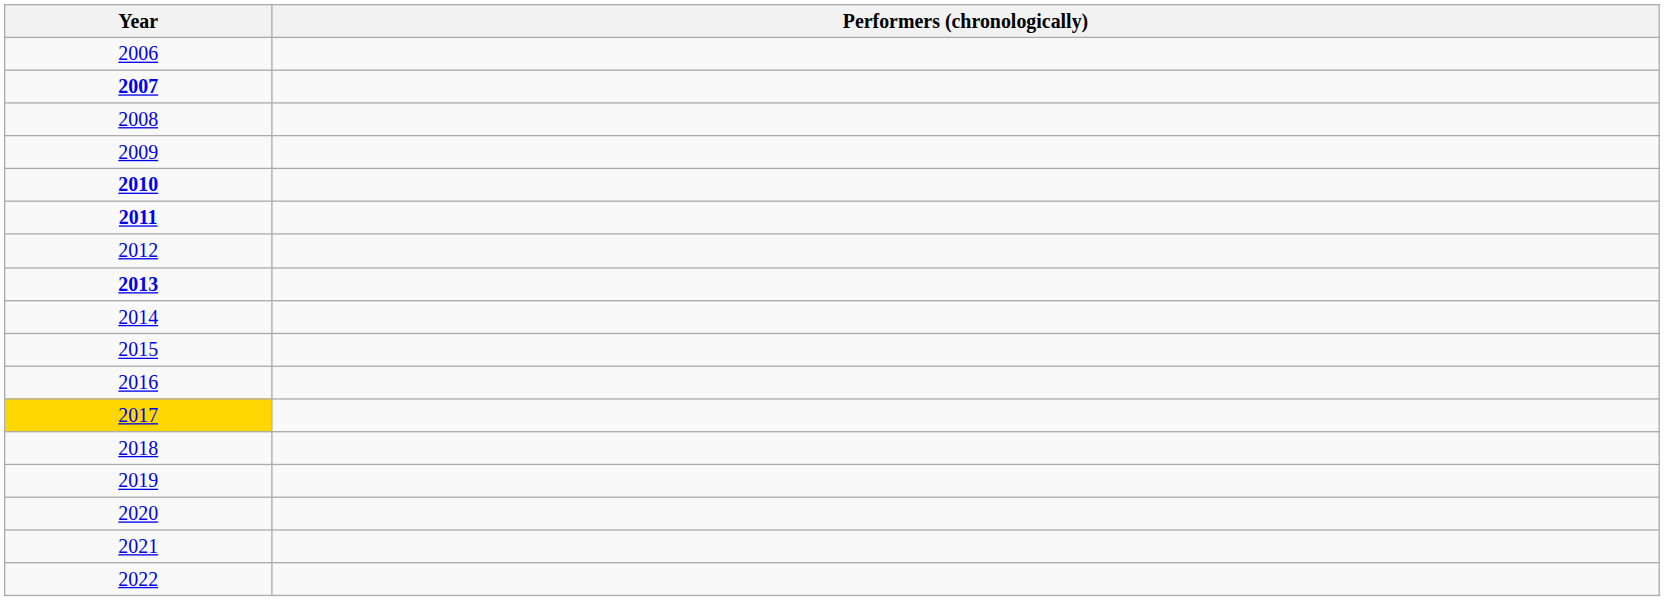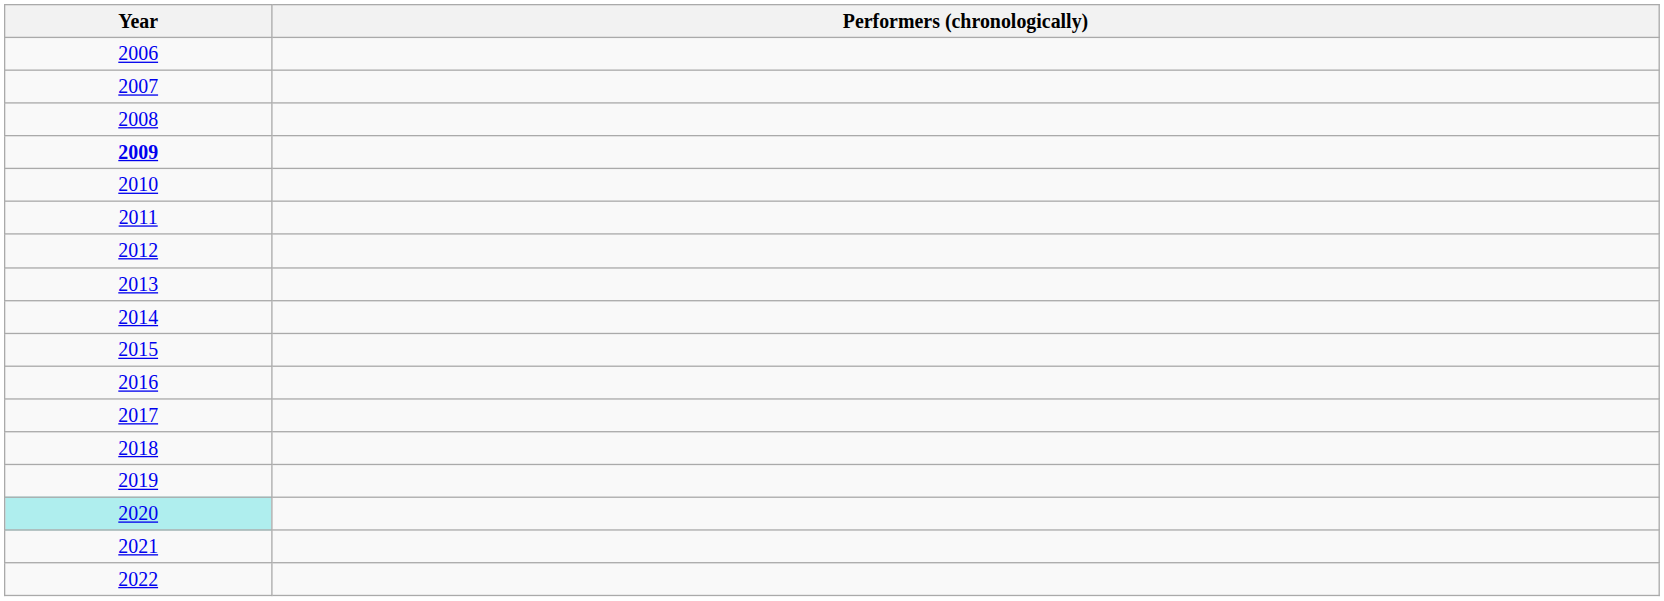 <table class="wikitable sortable" style="font-size:95%; width:100%">
 <tr>
 <th>Year</th>
 <th>Performers (chronologically)</th>
 </tr>
 <tr>
 <td align="center"><a href='#'>2006</a></td>
 <td></td>
 </tr>
 <tr>
-<td align="center"><strong><a href='#'>2007</a></strong></td>
+<td align="center"><a href='#'>2007</a></td>
 <td></td>
 </tr>
 <tr>
 <td align="center"><a href='#'>2008</a></td>
 <td></td>
 </tr>
 <tr>
-<td align="center"><a href='#'>2009</a></td>
+<td align="center"><strong><a href='#'>2009</a></strong></td>
 <td></td>
 </tr>
 <tr>
-<td align="center"><strong><a href='#'>2010</a></strong></td>
+<td align="center"><a href='#'>2010</a></td>
 <td></td>
 </tr>
 <tr>
-<td align="center"><strong><a href='#'>2011</a></strong></td>
+<td align="center"><a href='#'>2011</a></td>
 <td></td>
 </tr>
 <tr>
 <td align="center"><a href='#'>2012</a></td>
 <td></td>
 </tr>
 <tr>
-<td align="center"><strong><a href='#'>2013</a></strong></td>
+<td align="center"><a href='#'>2013</a></td>
 <td></td>
 </tr>
 <tr>
 <td align="center"><a href='#'>2014</a></td>
 <td></td>
 </tr>
 <tr>
 <td align="center"><a href='#'>2015</a></td>
 <td></td>
 </tr>
 <tr>
 <td align="center"><a href='#'>2016</a></td>
 <td></td>
 </tr>
 <tr>
-<td align="center" style="background: gold;"><a href='#'>2017</a></td>
+<td align="center"><a href='#'>2017</a></td>
 <td></td>
 </tr>
 <tr>
 <td align="center"><a href='#'>2018</a></td>
 <td></td>
 </tr>
 <tr>
 <td align="center"><a href='#'>2019</a></td>
 <td></td>
 </tr>
 <tr>
-<td align="center"><a href='#'>2020</a></td>
+<td align="center" style="background: paleturquoise;"><a href='#'>2020</a></td>
 <td></td>
 </tr>
 <tr>
 <td align="center"><a href='#'>2021</a></td>
 <td></td>
 </tr>
 <tr>
 <td align="center"><a href='#'>2022</a></td>
 <td></td>
 </tr>
 </table>
